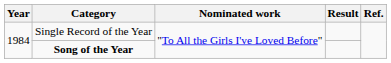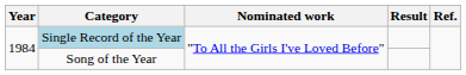 <table class="wikitable plainrowheaders" style="text-align:center;">
 <tr>
 <th>Year</th>
 <th>Category</th>
 <th>Nominated work</th>
 <th>Result</th>
 <th>Ref.</th>
 </tr>
 <tr>
 <td rowspan="2">1984</td>
-<td>Single Record of the Year</td>
+<td style="background: lightblue;">Single Record of the Year</td>
 <td rowspan="2">"<a href='#'>To All the Girls I've Loved Before</a>" <br> </td>
 <td></td>
 <td align="center" rowspan="2"></td>
 </tr>
 <tr>
-<td><strong>Song of the Year</strong></td>
+<td>Song of the Year</td>
 <td></td>
 </tr>
 </table>
